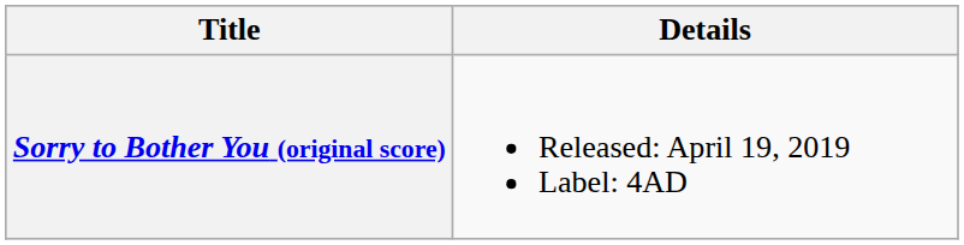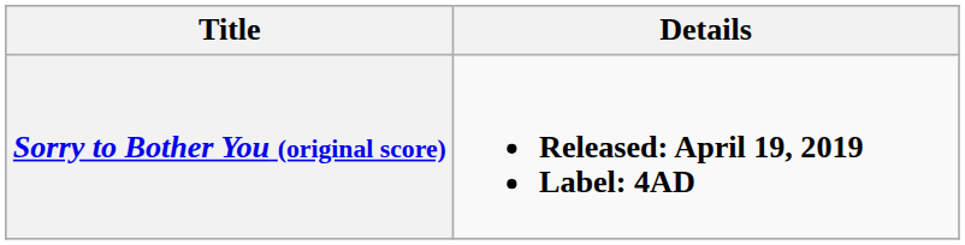 <table class="wikitable plainrowheaders" style="text-align:left;">
 <tr>
 <th rowspan="1">Title</th>
 <th rowspan="1" style="width:250px;">Details</th>
 </tr>
 <tr>
 <th scope="row"><a href='#'><em>Sorry to Bother You</em> <small>(original score)</small></a></th>
-<td><br><ul><li>Released: April 19, 2019</li><li>Label: 4AD</li></ul></td>
+<td><strong><br><ul><li>Released: April 19, 2019</li><li>Label: 4AD</li></ul></strong></td>
 </tr>
 </table>
